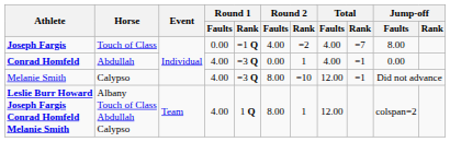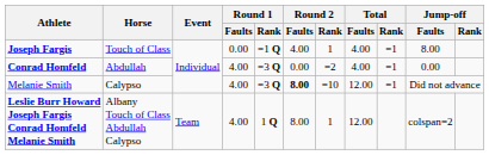 <table class=wikitable style=font-size:90%;text-align:center>
 <tr>
 <th rowspan=2>Athlete</th>
 <th rowspan=2>Horse</th>
 <th rowspan=2>Event</th>
 <th colspan=2>Round 1</th>
 <th colspan=2>Round 2</th>
 <th colspan=2>Total</th>
 <th colspan=2>Jump-off</th>
 </tr>
 <tr style=font-size:95%>
 <th>Faults</th>
 <th>Rank</th>
 <th>Faults</th>
 <th>Rank</th>
 <th>Faults</th>
 <th>Rank</th>
 <th>Faults</th>
 <th>Rank</th>
 </tr>
 <tr>
 <td align=left><strong><a href='#'>Joseph Fargis</a></strong></td>
 <td align=left><a href='#'>Touch of Class</a></td>
 <td align=left rowspan=3><a href='#'>Individual</a></td>
 <td>0.00</td>
 <td>=1 <strong>Q</strong></td>
 <td>4.00</td>
-<td>=2</td>
+<td>1</td>
 <td>4.00</td>
-<td>=7</td>
+<td>=1</td>
 <td>8.00</td>
 <td></td>
 </tr>
 <tr>
 <td align=left><strong><a href='#'>Conrad Homfeld</a></strong></td>
 <td align=left><a href='#'>Abdullah</a></td>
 <td>4.00</td>
 <td>=3 <strong>Q</strong></td>
 <td>0.00</td>
-<td>1</td>
+<td>=2</td>
 <td>4.00</td>
 <td>=1</td>
 <td>0.00</td>
 <td></td>
 </tr>
 <tr>
 <td align=left><a href='#'>Melanie Smith</a></td>
 <td align=left>Calypso</td>
 <td>4.00</td>
 <td>=3 <strong>Q</strong></td>
-<td>8.00</td>
+<td><strong>8.00</strong></td>
 <td>=10</td>
 <td>12.00</td>
 <td>=1</td>
 <td colspan=2>Did not advance</td>
 </tr>
 <tr>
 <td align=left><strong><a href='#'>Leslie Burr Howard</a><br><a href='#'>Joseph Fargis</a><br><a href='#'>Conrad Homfeld</a><br><a href='#'>Melanie Smith</a></strong></td>
 <td align=left>Albany<br><a href='#'>Touch of Class</a><br><a href='#'>Abdullah</a><br>Calypso</td>
 <td align=left><a href='#'>Team</a></td>
 <td>4.00</td>
 <td>1 <strong>Q</strong></td>
 <td>8.00</td>
 <td>1</td>
 <td>12.00</td>
 <td></td>
 <td>colspan=2 </td>
 </tr>
 </table>
